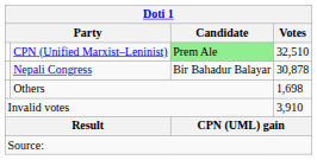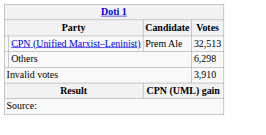 <table class="wikitable">
 <tr>
 <th colspan="4"><a href='#'>Doti 1</a></th>
 </tr>
 <tr>
 <th colspan="2">Party</th>
 <th>Candidate</th>
 <th>Votes</th>
 </tr>
 <tr>
 <td style="background-color:"></td>
 <td><a href='#'>CPN (Unified Marxist–Leninist)</a></td>
-<td style="background: lightgreen;">Prem Ale</td>
-<td>32,510</td>
-</tr>
-<tr>
-<td style="background-color:"></td>
-<td><a href='#'>Nepali Congress</a></td>
-<td>Bir Bahadur Balayar</td>
-<td>30,878</td>
+<td>Prem Ale</td>
+<td>32,513</td>
 </tr>
 <tr>
 <td></td>
 <td colspan="2">Others</td>
-<td>1,698</td>
+<td>6,298</td>
 </tr>
 <tr>
 <td colspan="3">Invalid votes</td>
 <td>3,910</td>
 </tr>
 <tr>
 <th colspan="2">Result</th>
 <th colspan="2">CPN (UML) gain</th>
 </tr>
 <tr>
 <td colspan="4">Source: </td>
 </tr>
 </table>
